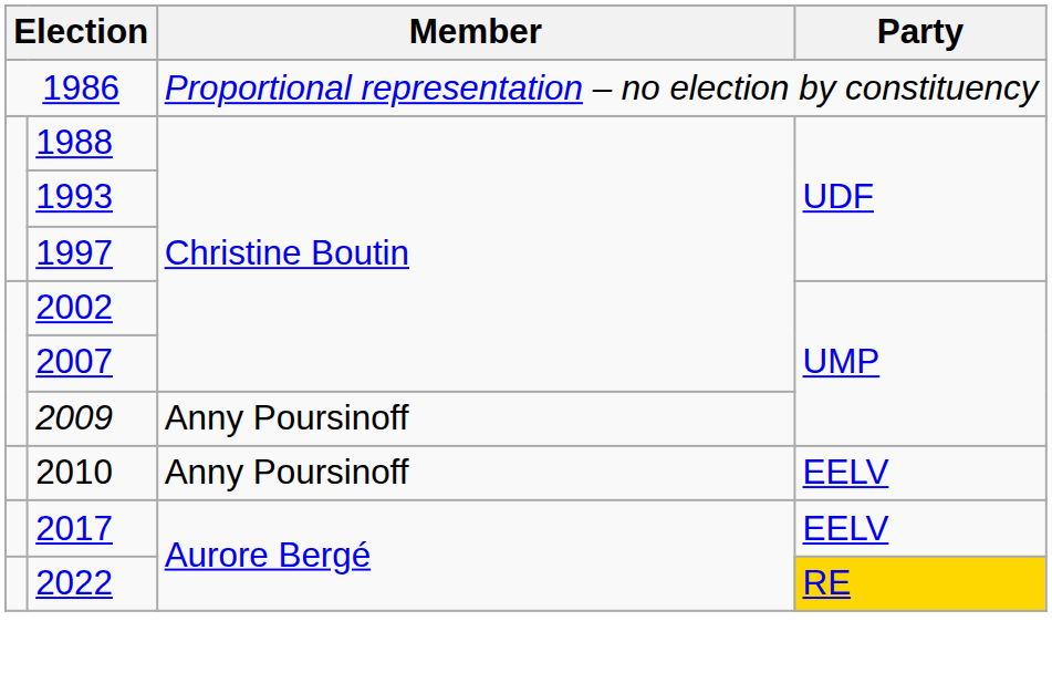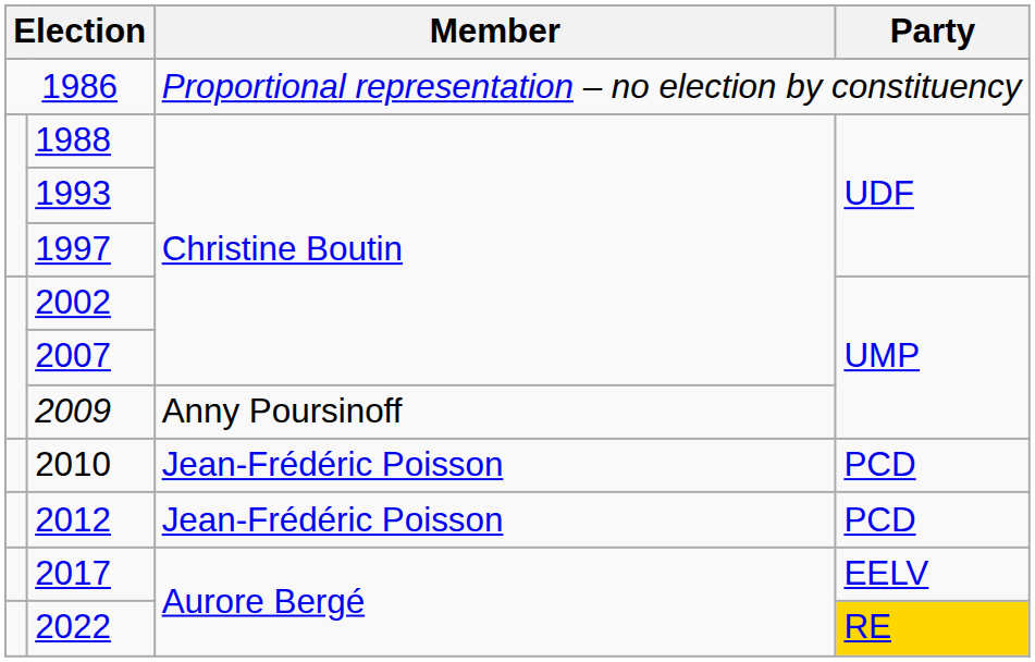 <table class="wikitable">
 <tr>
 <th colspan=2>Election</th>
 <th>Member</th>
 <th>Party</th>
 </tr>
 <tr>
 <td colspan=2 align="center"><a href='#'>1986</a></td>
 <td colspan=2><em><a href='#'>Proportional representation</a> – no election by constituency</em></td>
 </tr>
 <tr>
 <td rowspan="3" style="color:inherit;background-color: "></td>
 <td><a href='#'>1988</a></td>
 <td rowspan="5"><a href='#'>Christine Boutin</a></td>
 <td rowspan="3"><a href='#'>UDF</a></td>
 </tr>
 <tr>
 <td><a href='#'>1993</a></td>
 </tr>
 <tr>
 <td><a href='#'>1997</a></td>
 </tr>
 <tr>
 <td rowspan="3" style="color:inherit;background-color: "></td>
 <td><a href='#'>2002</a></td>
 <td rowspan="3"><a href='#'>UMP</a></td>
 </tr>
 <tr>
 <td><a href='#'>2007</a></td>
 </tr>
 <tr>
 <td><em>2009</em></td>
 <td>Anny Poursinoff</td>
 </tr>
 <tr>
 <td style="color:inherit;background-color: "></td>
 <td>2010</td>
-<td>Anny Poursinoff</td>
-<td><a href='#'>EELV</a></td>
+<td><a href='#'>Jean-Frédéric Poisson</a></td>
+<td><a href='#'>PCD</a></td>
+</tr>
+<tr>
+<td style="color:inherit;background-color: "></td>
+<td><a href='#'>2012</a></td>
+<td><a href='#'>Jean-Frédéric Poisson</a></td>
+<td><a href='#'>PCD</a></td>
 </tr>
 <tr>
 <td style="color:inherit;background-color: "></td>
 <td><a href='#'>2017</a></td>
 <td rowspan="2"><a href='#'>Aurore Bergé</a></td>
 <td><a href='#'>EELV</a></td>
 </tr>
 <tr>
 <td style="color:inherit;background-color: "></td>
 <td><a href='#'>2022</a></td>
 <td style="background: gold;"><a href='#'>RE</a></td>
 </tr>
 </table>
